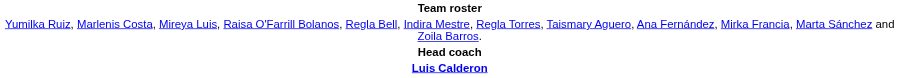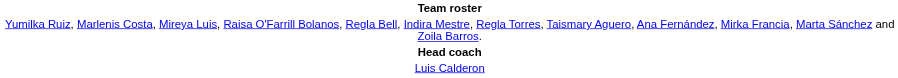 <table style="text-align:center;margin-top:2em;margin-left:auto;margin-right:auto">
 <tr>
 <td><strong>Team roster</strong></td>
 </tr>
 <tr>
 <td><a href='#'>Yumilka Ruiz</a>, <a href='#'>Marlenis Costa</a>, <a href='#'>Mireya Luis</a>, <a href='#'>Raisa O'Farrill Bolanos</a>, <a href='#'>Regla Bell</a>, <a href='#'>Indira Mestre</a>, <a href='#'>Regla Torres</a>, <a href='#'>Taismary Aguero</a>, <a href='#'>Ana Fernández</a>, <a href='#'>Mirka Francia</a>, <a href='#'>Marta Sánchez</a> and <a href='#'>Zoila Barros</a>.</td>
 </tr>
 <tr>
 <td><strong>Head coach</strong></td>
 </tr>
 <tr>
-<td><strong><a href='#'>Luis Calderon</a></strong></td>
+<td><a href='#'>Luis Calderon</a></td>
 </tr>
 </table>
